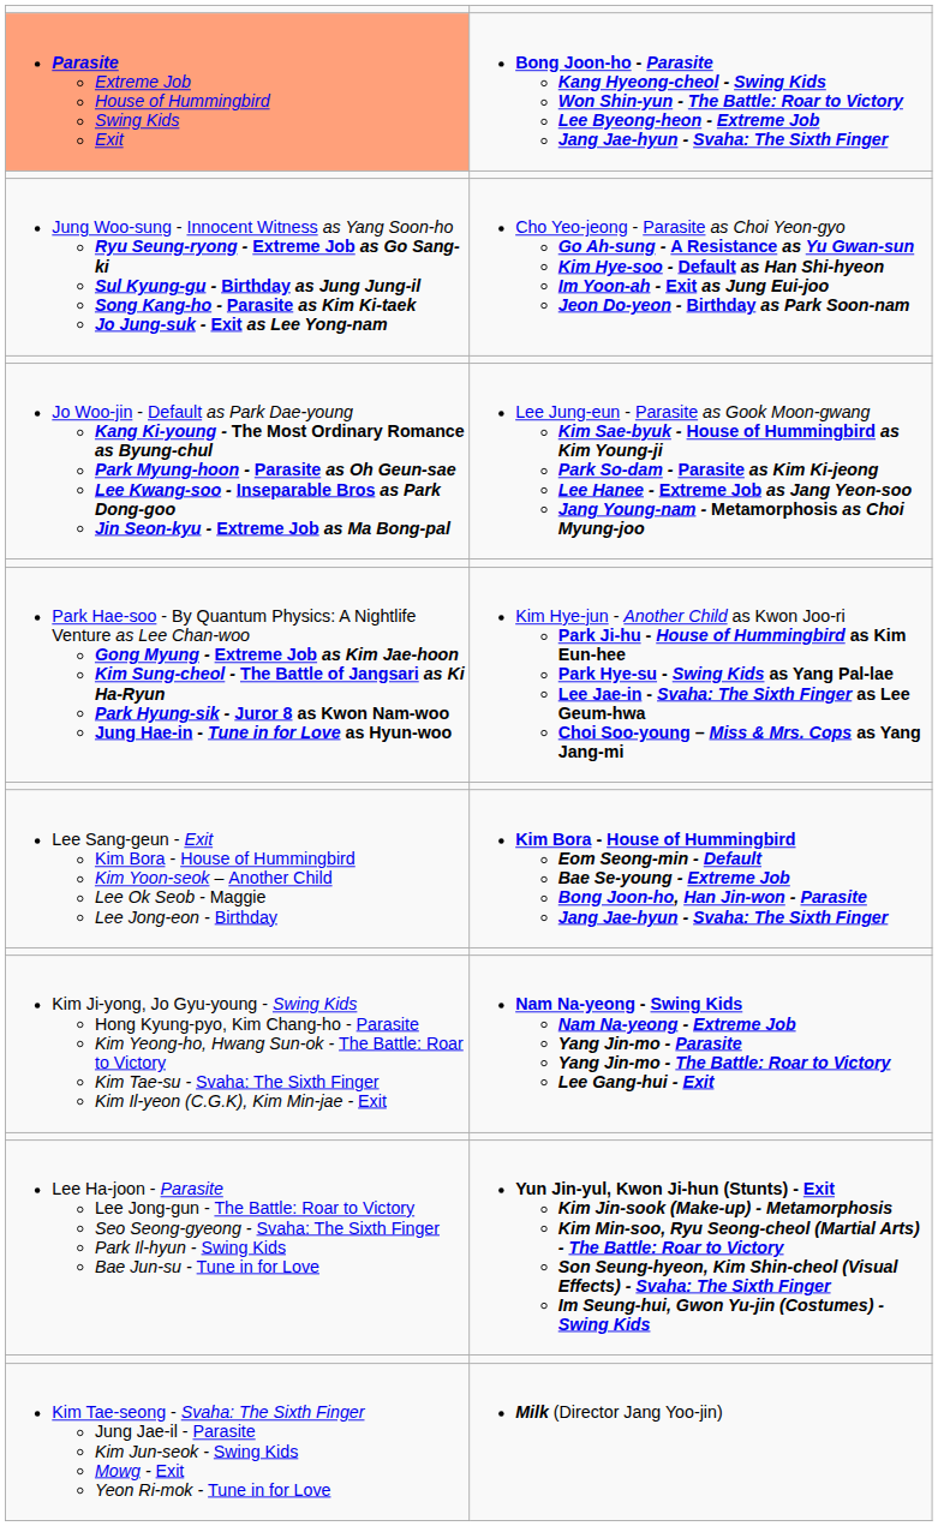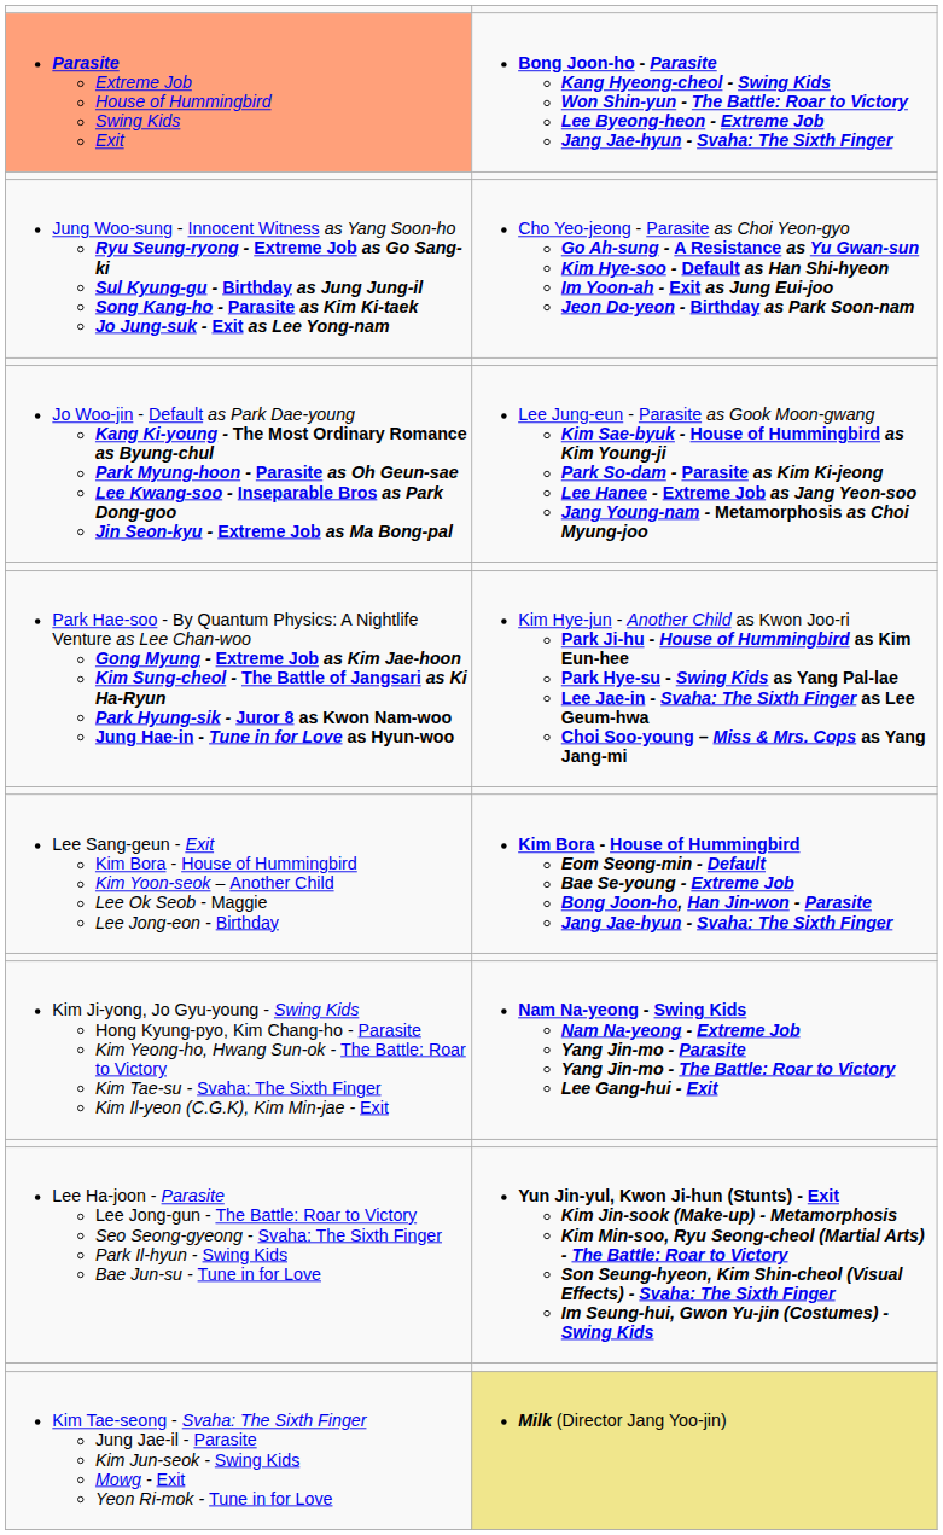 <table class="wikitable">
 <tr>
 <td style="vertical-align:top; width:50%;"></td>
 <td style="vertical-align:top; width:50%;"></td>
 </tr>
 <tr>
 <td valign="top" style="background: lightsalmon;"><br><ul><li><strong><em><a href='#'> Parasite</a></em></strong><ul><li><em><a href='#'>Extreme Job</a></em></li><li><em><a href='#'>House of Hummingbird</a></em></li><li><em><a href='#'> Swing Kids</a></em></li><li><em><a href='#'> Exit</a></em></li></ul></li></ul></td>
 <td valign="top"><br><ul><li><strong><a href='#'>Bong Joon-ho</a> - <em><a href='#'> Parasite</a><strong><em><ul><li><a href='#'>Kang Hyeong-cheol</a> - </em><a href='#'>Swing Kids</a><em></li><li><a href='#'>Won Shin-yun</a> - </em><a href='#'>The Battle: Roar to Victory</a><em></li><li><a href='#'> Lee Byeong-heon</a> - </em><a href='#'>Extreme Job</a><em></li><li><a href='#'>Jang Jae-hyun</a> - </em><a href='#'>Svaha: The Sixth Finger</a><em></li></ul></li></ul></td>
 </tr>
 <tr>
 <td style="vertical-align:top; width:50%;"></td>
 <td style="vertical-align:top; width:50%;"></td>
 </tr>
 <tr>
 <td valign="top"><br><ul><li></strong><a href='#'>Jung Woo-sung</a> - </em><a href='#'>Innocent Witness</a><em> as Yang Soon-ho<strong><ul><li><a href='#'>Ryu Seung-ryong</a> - </em><a href='#'>Extreme Job</a><em> as Go Sang-ki</li><li><a href='#'>Sul Kyung-gu</a> - </em><a href='#'> Birthday</a><em> as Jung Jung-il</li><li><a href='#'>Song Kang-ho</a> - </em><a href='#'> Parasite</a><em> as Kim Ki-taek</li><li><a href='#'>Jo Jung-suk</a> - </em><a href='#'> Exit</a><em> as Lee Yong-nam</li></ul></li></ul></td>
 <td valign="top"><br><ul><li></strong><a href='#'>Cho Yeo-jeong</a> - </em><a href='#'> Parasite</a><em> as Choi Yeon-gyo<strong><ul><li><a href='#'>Go Ah-sung</a> - </em><a href='#'>A Resistance</a><em> as <a href='#'>Yu Gwan-sun</a></li><li><a href='#'>Kim Hye-soo</a> - </em><a href='#'>Default</a><em> as Han Shi-hyeon</li><li><a href='#'>Im Yoon-ah</a> - </em><a href='#'> Exit</a><em> as Jung Eui-joo</li><li><a href='#'>Jeon Do-yeon</a> - </em><a href='#'> Birthday</a><em> as Park Soon-nam</li></ul></li></ul></td>
 </tr>
 <tr>
 <td style="vertical-align:top; width:50%;"></td>
 <td style="vertical-align:top; width:50%;"></td>
 </tr>
 <tr>
 <td valign="top"><br><ul><li></strong><a href='#'>Jo Woo-jin</a> - </em><a href='#'>Default</a><em> as Park Dae-young<strong><ul><li><a href='#'>Kang Ki-young</a> - </em>The Most Ordinary Romance<em> as Byung-chul</li><li><a href='#'>Park Myung-hoon</a> - </em><a href='#'> Parasite</a><em> as Oh Geun-sae</li><li><a href='#'>Lee Kwang-soo</a> - </em><a href='#'>Inseparable Bros</a><em> as Park Dong-goo</li><li><a href='#'>Jin Seon-kyu</a> - </em><a href='#'>Extreme Job</a><em> as Ma Bong-pal</li></ul></li></ul></td>
 <td valign="top"><br><ul><li></strong><a href='#'> Lee Jung-eun</a> - </em><a href='#'> Parasite</a><em> as Gook Moon-gwang<strong><ul><li><a href='#'>Kim Sae-byuk</a> - </em><a href='#'>House of Hummingbird</a><em> as Kim Young-ji</li><li><a href='#'>Park So-dam</a> - </em><a href='#'> Parasite</a><em> as Kim Ki-jeong</li><li><a href='#'>Lee Hanee</a> - </em><a href='#'>Extreme Job</a><em> as Jang Yeon-soo</li><li><a href='#'>Jang Young-nam</a> - </em>Metamorphosis<em> as Choi Myung-joo</li></ul></li></ul></td>
 </tr>
 <tr>
 <td style="vertical-align:top; width:50%;"></td>
 <td style="vertical-align:top; width:50%;"></td>
 </tr>
 <tr>
 <td valign="top"><br><ul><li></strong><a href='#'>Park Hae-soo</a> - </em>By Quantum Physics: A Nightlife Venture<em> as Lee Chan-woo<strong><ul><li><a href='#'>Gong Myung</a> - </em><a href='#'>Extreme Job</a><em> as Kim Jae-hoon</li><li><a href='#'>Kim Sung-cheol</a> - </em><a href='#'>The Battle of Jangsari</a><em> as Ki Ha-Ryun</li><li><a href='#'>Park Hyung-sik</a> - </em><a href='#'>Juror 8</a> as Kwon Nam-woo</li><li><a href='#'>Jung Hae-in</a> - <em><a href='#'>Tune in for Love</a></em> as Hyun-woo</li></ul></li></ul></td>
 <td valign="top"><br><ul><li></strong><a href='#'>Kim Hye-jun</a> - <em><a href='#'>Another Child</a></em> as Kwon Joo-ri<strong><ul><li><a href='#'>Park Ji-hu</a> - <em><a href='#'>House of Hummingbird</a></em> as Kim Eun-hee</li><li><a href='#'>Park Hye-su</a> - <em><a href='#'> Swing Kids</a></em> as Yang Pal-lae</li><li><a href='#'>Lee Jae-in</a> - <em><a href='#'>Svaha: The Sixth Finger</a></em> as Lee Geum-hwa</li><li><a href='#'>Choi Soo-young</a> – <em><a href='#'>Miss & Mrs. Cops</a></em> as Yang Jang-mi</li></ul></li></ul></td>
 </tr>
 <tr>
 <td style="vertical-align:top; width:50%;"></td>
 <td style="vertical-align:top; width:50%;"></td>
 </tr>
 <tr>
 <td valign="top"><br><ul><li></strong>Lee Sang-geun - <em><a href='#'> Exit</a></em></strong><ul><li><a href='#'>Kim Bora</a> - </em><a href='#'>House of Hummingbird</a><em></li><li><a href='#'>Kim Yoon-seok</a> – </em><a href='#'>Another Child</a><em></li><li>Lee Ok Seob - </em>Maggie<em></li><li>Lee Jong-eon - <a href='#'></em>Birthday<em></a></li></ul></li></ul></td>
 <td valign="top"><br><ul><li><strong><a href='#'>Kim Bora</a> - </em><a href='#'>House of Hummingbird</a><strong><em> <ul><li>Eom Seong-min - <em><a href='#'>Default</a></em></li><li>Bae Se-young - <em><a href='#'>Extreme Job</a></em></li><li><a href='#'>Bong Joon-ho</a>, <a href='#'>Han Jin-won</a> - <em><a href='#'> Parasite</a></em></li><li><a href='#'>Jang Jae-hyun</a> - <em><a href='#'>Svaha: The Sixth Finger</a></em></li></ul></li></ul></td>
 </tr>
 <tr>
 <td style="vertical-align:top; width:50%;"></td>
 <td style="vertical-align:top; width:50%;"></td>
 </tr>
 <tr>
 <td valign="top"><br><ul><li></strong>Kim Ji-yong, Jo Gyu-young - <em><a href='#'> Swing Kids</a></em></strong><ul><li>Hong Kyung-pyo, Kim Chang-ho - </em><a href='#'> Parasite</a><em></li><li>Kim Yeong-ho, Hwang Sun-ok - </em><a href='#'>The Battle: Roar to Victory</a><em></li><li>Kim Tae-su - </em><a href='#'>Svaha: The Sixth Finger</a><em></li><li>Kim Il-yeon (C.G.K), Kim Min-jae - </em><a href='#'> Exit</a><em></li></ul></li></ul></td>
 <td valign="top"><br><ul><li><strong><a href='#'>Nam Na-yeong</a> - </em><a href='#'> Swing Kids</a><strong><em><ul><li><a href='#'>Nam Na-yeong</a> - <em><a href='#'>Extreme Job</a></em></li><li>Yang Jin-mo - <em><a href='#'> Parasite</a></em></li><li>Yang Jin-mo - <em><a href='#'>The Battle: Roar to Victory</a></em></li><li>Lee Gang-hui - <em><a href='#'> Exit</a></em></li></ul></li></ul></td>
 </tr>
 <tr>
 <td style="vertical-align:top; width:50%;"></td>
 <td style="vertical-align:top; width:50%;"></td>
 </tr>
 <tr>
 <td valign="top"><br><ul><li></strong>Lee Ha-joon - <em><a href='#'> Parasite</a></em></strong><ul><li>Lee Jong-gun - </em><a href='#'>The Battle: Roar to Victory</a><em></li><li>Seo Seong-gyeong - </em><a href='#'>Svaha: The Sixth Finger</a><em></li><li>Park Il-hyun - </em><a href='#'> Swing Kids</a><em></li><li>Bae Jun-su - </em><a href='#'>Tune in for Love</a><em></li></ul></li></ul></td>
 <td valign="top"><br><ul><li><strong>Yun Jin-yul, Kwon Ji-hun (Stunts) - </em><a href='#'> Exit</a><strong><em><ul><li>Kim Jin-sook (Make-up) - <em>Metamorphosis</em></li><li>Kim Min-soo, Ryu Seong-cheol (Martial Arts) - <em><a href='#'>The Battle: Roar to Victory</a></em></li><li>Son Seung-hyeon, Kim Shin-cheol (Visual Effects) - <em><a href='#'>Svaha: The Sixth Finger</a></em></li><li>Im Seung-hui, Gwon Yu-jin (Costumes) - <em><a href='#'> Swing Kids</a></em></li></ul></li></ul></td>
 </tr>
 <tr>
 <td style="vertical-align:top; width:50%;"></td>
 <td style="vertical-align:top; width:50%;"></td>
 </tr>
 <tr>
 <td valign="top"><br><ul><li></strong><a href='#'> Kim Tae-seong</a> - <em><a href='#'>Svaha: The Sixth Finger</a></em></strong><ul><li>Jung Jae-il - </em><a href='#'> Parasite</a><em></li><li>Kim Jun-seok - </em><a href='#'> Swing Kids</a><em></li><li><a href='#'> Mowg</a> - </em><a href='#'> Exit</a><em></li><li>Yeon Ri-mok - </em><a href='#'>Tune in for Love</a><em></li></ul></li></ul></td>
-<td valign="top"><br><ul><li><strong><em>Milk</em></strong> (Director Jang Yoo-jin)</li></ul></td>
+<td valign="top" style="background: khaki;"><br><ul><li><strong><em>Milk</em></strong> (Director Jang Yoo-jin)</li></ul></td>
 </tr>
 </table>
